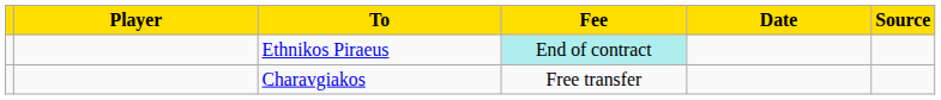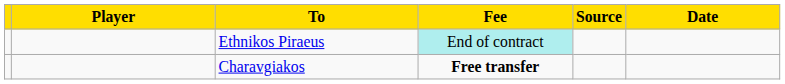 <table class="wikitable sortable">
 <tr>
 <th style="background:#FFDE00"></th>
 <th width=200 style="background:#FFDE00">Player</th>
 <th width=200 style="background:#FFDE00">To</th>
 <th width=150 style="background:#FFDE00">Fee</th>
+<th style="background:#FFDE00">Source</th>
 <th width=150 style="background:#FFDE00">Date</th>
-<th style="background:#FFDE00">Source</th>
 </tr>
 <tr>
 <td align=center></td>
 <td></td>
 <td> <a href='#'>Ethnikos Piraeus</a></td>
 <td align=center style="background: paleturquoise;">End of contract</td>
 <td align=center></td>
 <td align=center></td>
 </tr>
 <tr>
 <td align=center></td>
 <td></td>
 <td> <a href='#'>Charavgiakos</a></td>
-<td align=center>Free transfer</td>
+<td align=center><strong>Free transfer</strong></td>
 <td align=center></td>
 <td align=center></td>
 </tr>
 </table>
